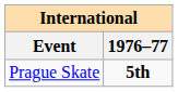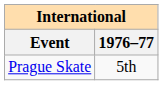 <table class="wikitable" style="text-align:center">
 <tr>
 <th style="background-color: #ffdead; " colspan=2 align=center>International</th>
 </tr>
 <tr>
 <th>Event</th>
 <th>1976–77</th>
 </tr>
 <tr>
 <td align=left><a href='#'>Prague Skate</a></td>
-<td><strong>5th</strong></td>
+<td>5th</td>
 </tr>
 </table>
